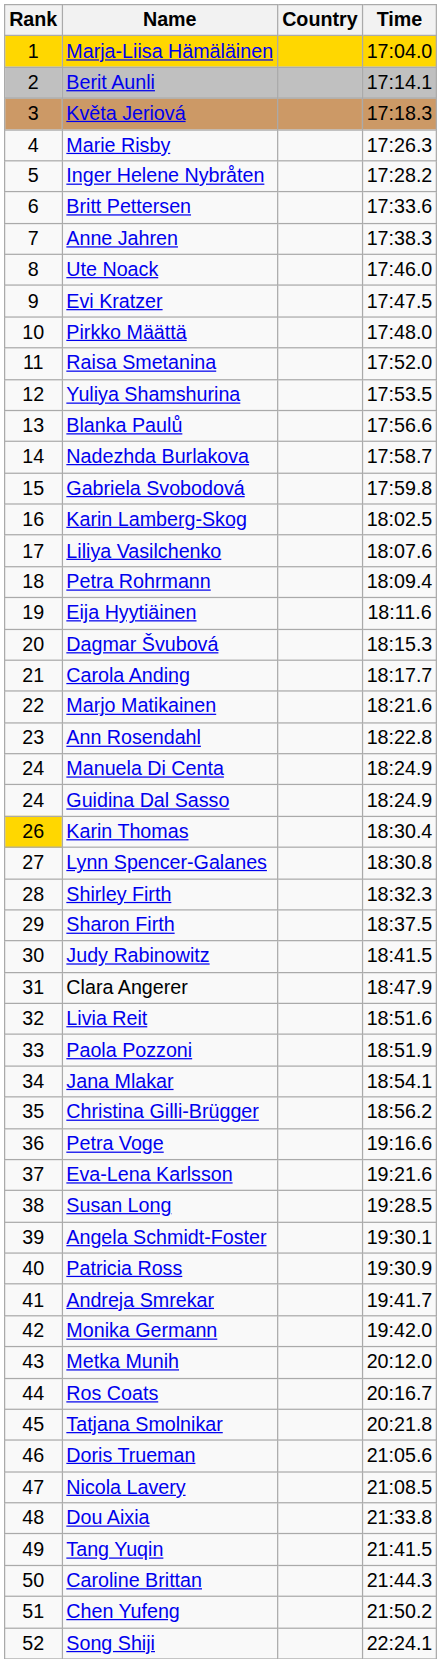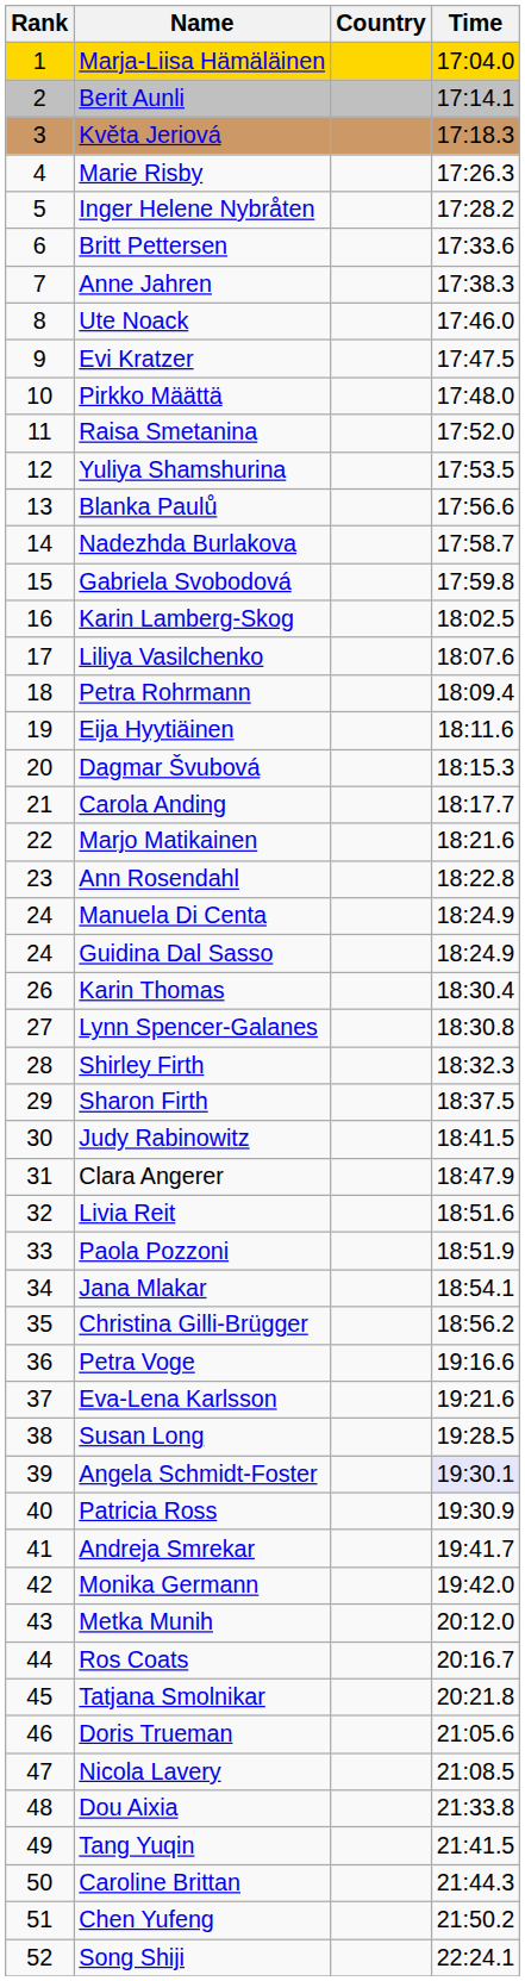 <table class="wikitable sortable" style="text-align:center">
 <tr>
 <th>Rank</th>
 <th>Name</th>
 <th>Country</th>
 <th>Time</th>
 </tr>
 <tr bgcolor=gold>
 <td>1</td>
 <td align="left"><a href='#'>Marja-Liisa Hämäläinen</a></td>
 <td align="left"></td>
 <td>17:04.0</td>
 </tr>
 <tr bgcolor=silver>
 <td>2</td>
 <td align="left"><a href='#'>Berit Aunli</a></td>
 <td align="left"></td>
 <td>17:14.1</td>
 </tr>
 <tr bgcolor=#CC9966>
 <td>3</td>
 <td align="left"><a href='#'>Květa Jeriová</a></td>
 <td align="left"></td>
 <td>17:18.3</td>
 </tr>
 <tr>
 <td>4</td>
 <td align="left"><a href='#'>Marie Risby</a></td>
 <td align="left"></td>
 <td>17:26.3</td>
 </tr>
 <tr>
 <td>5</td>
 <td align="left"><a href='#'>Inger Helene Nybråten</a></td>
 <td align="left"></td>
 <td>17:28.2</td>
 </tr>
 <tr>
 <td>6</td>
 <td align="left"><a href='#'>Britt Pettersen</a></td>
 <td align="left"></td>
 <td>17:33.6</td>
 </tr>
 <tr>
 <td>7</td>
 <td align="left"><a href='#'>Anne Jahren</a></td>
 <td align="left"></td>
 <td>17:38.3</td>
 </tr>
 <tr>
 <td>8</td>
 <td align="left"><a href='#'>Ute Noack</a></td>
 <td align="left"></td>
 <td>17:46.0</td>
 </tr>
 <tr>
 <td>9</td>
 <td align="left"><a href='#'>Evi Kratzer</a></td>
 <td align="left"></td>
 <td>17:47.5</td>
 </tr>
 <tr>
 <td>10</td>
 <td align="left"><a href='#'>Pirkko Määttä</a></td>
 <td align="left"></td>
 <td>17:48.0</td>
 </tr>
 <tr>
 <td>11</td>
 <td align="left"><a href='#'>Raisa Smetanina</a></td>
 <td align="left"></td>
 <td>17:52.0</td>
 </tr>
 <tr>
 <td>12</td>
 <td align="left"><a href='#'>Yuliya Shamshurina</a></td>
 <td align="left"></td>
 <td>17:53.5</td>
 </tr>
 <tr>
 <td>13</td>
 <td align="left"><a href='#'>Blanka Paulů</a></td>
 <td align="left"></td>
 <td>17:56.6</td>
 </tr>
 <tr>
 <td>14</td>
 <td align="left"><a href='#'>Nadezhda Burlakova</a></td>
 <td align="left"></td>
 <td>17:58.7</td>
 </tr>
 <tr>
 <td>15</td>
 <td align="left"><a href='#'>Gabriela Svobodová</a></td>
 <td align="left"></td>
 <td>17:59.8</td>
 </tr>
 <tr>
 <td>16</td>
 <td align="left"><a href='#'>Karin Lamberg-Skog</a></td>
 <td align="left"></td>
 <td>18:02.5</td>
 </tr>
 <tr>
 <td>17</td>
 <td align="left"><a href='#'>Liliya Vasilchenko</a></td>
 <td align="left"></td>
 <td>18:07.6</td>
 </tr>
 <tr>
 <td>18</td>
 <td align="left"><a href='#'>Petra Rohrmann</a></td>
 <td align="left"></td>
 <td>18:09.4</td>
 </tr>
 <tr>
 <td>19</td>
 <td align="left"><a href='#'>Eija Hyytiäinen</a></td>
 <td align="left"></td>
 <td>18:11.6</td>
 </tr>
 <tr>
 <td>20</td>
 <td align="left"><a href='#'>Dagmar Švubová</a></td>
 <td align="left"></td>
 <td>18:15.3</td>
 </tr>
 <tr>
 <td>21</td>
 <td align="left"><a href='#'>Carola Anding</a></td>
 <td align="left"></td>
 <td>18:17.7</td>
 </tr>
 <tr>
 <td>22</td>
 <td align="left"><a href='#'>Marjo Matikainen</a></td>
 <td align="left"></td>
 <td>18:21.6</td>
 </tr>
 <tr>
 <td>23</td>
 <td align="left"><a href='#'>Ann Rosendahl</a></td>
 <td align="left"></td>
 <td>18:22.8</td>
 </tr>
 <tr>
 <td>24</td>
 <td align="left"><a href='#'>Manuela Di Centa</a></td>
 <td align="left"></td>
 <td>18:24.9</td>
 </tr>
 <tr>
 <td>24</td>
 <td align="left"><a href='#'>Guidina Dal Sasso</a></td>
 <td align="left"></td>
 <td>18:24.9</td>
 </tr>
 <tr>
-<td style="background: gold;">26</td>
+<td>26</td>
 <td align="left"><a href='#'>Karin Thomas</a></td>
 <td align="left"></td>
 <td>18:30.4</td>
 </tr>
 <tr>
 <td>27</td>
 <td align="left"><a href='#'>Lynn Spencer-Galanes</a></td>
 <td align="left"></td>
 <td>18:30.8</td>
 </tr>
 <tr>
 <td>28</td>
 <td align="left"><a href='#'>Shirley Firth</a></td>
 <td align="left"></td>
 <td>18:32.3</td>
 </tr>
 <tr>
 <td>29</td>
 <td align="left"><a href='#'>Sharon Firth</a></td>
 <td align="left"></td>
 <td>18:37.5</td>
 </tr>
 <tr>
 <td>30</td>
 <td align="left"><a href='#'>Judy Rabinowitz</a></td>
 <td align="left"></td>
 <td>18:41.5</td>
 </tr>
 <tr>
 <td>31</td>
 <td align="left">Clara Angerer</td>
 <td align="left"></td>
 <td>18:47.9</td>
 </tr>
 <tr>
 <td>32</td>
 <td align="left"><a href='#'>Livia Reit</a></td>
 <td align="left"></td>
 <td>18:51.6</td>
 </tr>
 <tr>
 <td>33</td>
 <td align="left"><a href='#'>Paola Pozzoni</a></td>
 <td align="left"></td>
 <td>18:51.9</td>
 </tr>
 <tr>
 <td>34</td>
 <td align="left"><a href='#'>Jana Mlakar</a></td>
 <td align="left"></td>
 <td>18:54.1</td>
 </tr>
 <tr>
 <td>35</td>
 <td align="left"><a href='#'>Christina Gilli-Brügger</a></td>
 <td align="left"></td>
 <td>18:56.2</td>
 </tr>
 <tr>
 <td>36</td>
 <td align="left"><a href='#'>Petra Voge</a></td>
 <td align="left"></td>
 <td>19:16.6</td>
 </tr>
 <tr>
 <td>37</td>
 <td align="left"><a href='#'>Eva-Lena Karlsson</a></td>
 <td align="left"></td>
 <td>19:21.6</td>
 </tr>
 <tr>
 <td>38</td>
 <td align="left"><a href='#'>Susan Long</a></td>
 <td align="left"></td>
 <td>19:28.5</td>
 </tr>
 <tr>
 <td>39</td>
 <td align="left"><a href='#'>Angela Schmidt-Foster</a></td>
 <td align="left"></td>
-<td>19:30.1</td>
+<td style="background: lavender;">19:30.1</td>
 </tr>
 <tr>
 <td>40</td>
 <td align="left"><a href='#'>Patricia Ross</a></td>
 <td align="left"></td>
 <td>19:30.9</td>
 </tr>
 <tr>
 <td>41</td>
 <td align="left"><a href='#'>Andreja Smrekar</a></td>
 <td align="left"></td>
 <td>19:41.7</td>
 </tr>
 <tr>
 <td>42</td>
 <td align="left"><a href='#'>Monika Germann</a></td>
 <td align="left"></td>
 <td>19:42.0</td>
 </tr>
 <tr>
 <td>43</td>
 <td align="left"><a href='#'>Metka Munih</a></td>
 <td align="left"></td>
 <td>20:12.0</td>
 </tr>
 <tr>
 <td>44</td>
 <td align="left"><a href='#'>Ros Coats</a></td>
 <td align="left"></td>
 <td>20:16.7</td>
 </tr>
 <tr>
 <td>45</td>
 <td align="left"><a href='#'>Tatjana Smolnikar</a></td>
 <td align="left"></td>
 <td>20:21.8</td>
 </tr>
 <tr>
 <td>46</td>
 <td align="left"><a href='#'>Doris Trueman</a></td>
 <td align="left"></td>
 <td>21:05.6</td>
 </tr>
 <tr>
 <td>47</td>
 <td align="left"><a href='#'>Nicola Lavery</a></td>
 <td align="left"></td>
 <td>21:08.5</td>
 </tr>
 <tr>
 <td>48</td>
 <td align="left"><a href='#'>Dou Aixia</a></td>
 <td align="left"></td>
 <td>21:33.8</td>
 </tr>
 <tr>
 <td>49</td>
 <td align="left"><a href='#'>Tang Yuqin</a></td>
 <td align="left"></td>
 <td>21:41.5</td>
 </tr>
 <tr>
 <td>50</td>
 <td align="left"><a href='#'>Caroline Brittan</a></td>
 <td align="left"></td>
 <td>21:44.3</td>
 </tr>
 <tr>
 <td>51</td>
 <td align="left"><a href='#'>Chen Yufeng</a></td>
 <td align="left"></td>
 <td>21:50.2</td>
 </tr>
 <tr>
 <td>52</td>
 <td align="left"><a href='#'>Song Shiji</a></td>
 <td align="left"></td>
 <td>22:24.1</td>
 </tr>
 </table>
